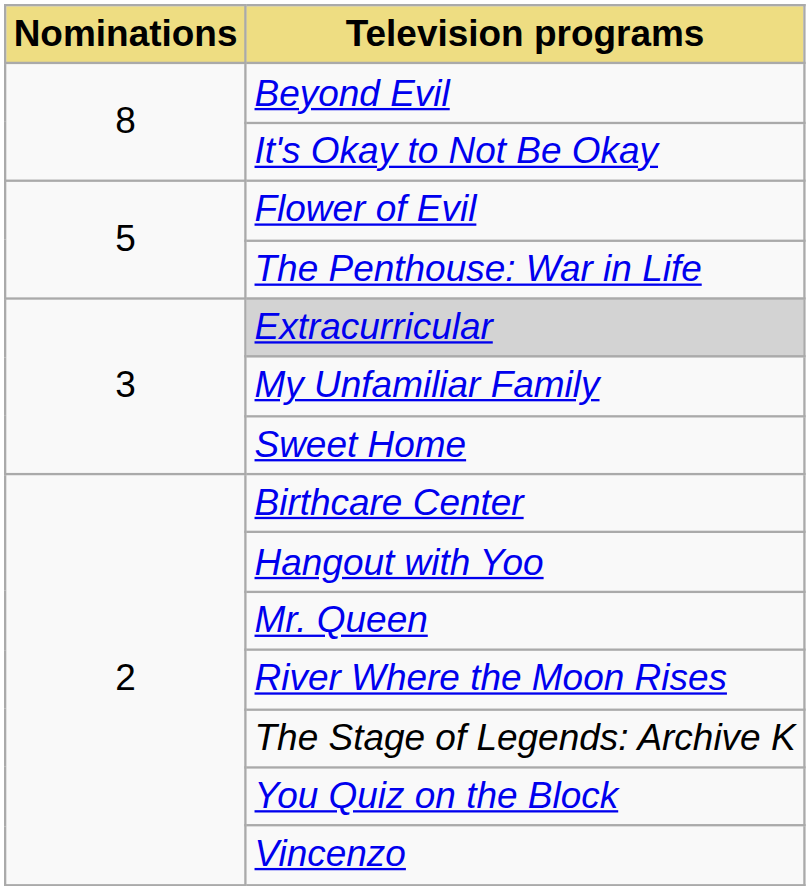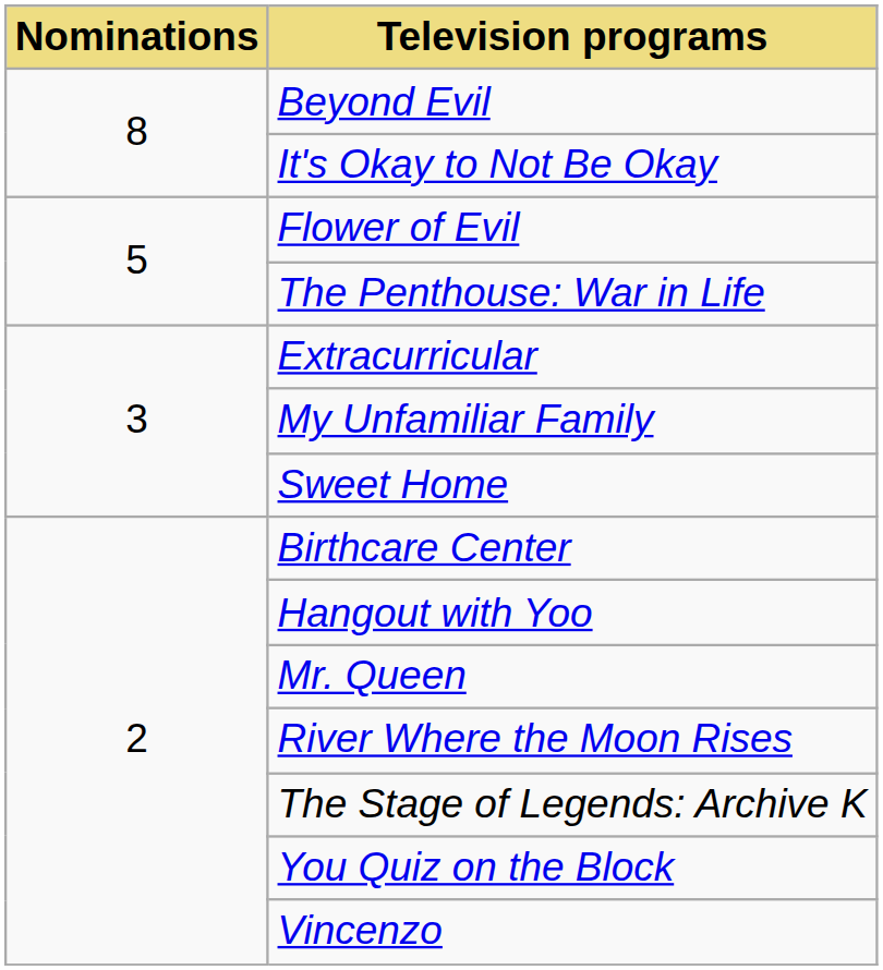 <table class="wikitable">
 <tr>
 <th style="background:#EEDD82; text-align:center">Nominations</th>
 <th style="background:#EEDD82; text-align:center">Television programs</th>
 </tr>
 <tr>
 <td rowspan="2" style="text-align:center">8</td>
 <td><em><a href='#'>Beyond Evil</a></em></td>
 </tr>
 <tr>
 <td><em><a href='#'>It's Okay to Not Be Okay</a></em></td>
 </tr>
 <tr>
 <td rowspan="2" style="text-align:center">5</td>
 <td><em><a href='#'>Flower of Evil</a></em></td>
 </tr>
 <tr>
 <td><em><a href='#'>The Penthouse: War in Life</a></em></td>
 </tr>
 <tr>
 <td rowspan="3" style="text-align:center">3</td>
-<td style="background: lightgrey;"><em><a href='#'>Extracurricular</a></em></td>
+<td><em><a href='#'>Extracurricular</a></em></td>
 </tr>
 <tr>
 <td><em><a href='#'>My Unfamiliar Family</a></em></td>
 </tr>
 <tr>
 <td><em><a href='#'>Sweet Home</a></em></td>
 </tr>
 <tr>
 <td rowspan="7" style="text-align:center">2</td>
 <td><em><a href='#'>Birthcare Center</a></em></td>
 </tr>
 <tr>
 <td><em><a href='#'>Hangout with Yoo</a></em></td>
 </tr>
 <tr>
 <td><em><a href='#'>Mr. Queen</a></em></td>
 </tr>
 <tr>
 <td><em><a href='#'>River Where the Moon Rises</a></em></td>
 </tr>
 <tr>
 <td><em>The Stage of Legends: Archive K</em></td>
 </tr>
 <tr>
 <td><em><a href='#'>You Quiz on the Block</a></em></td>
 </tr>
 <tr>
 <td><em><a href='#'>Vincenzo</a></em></td>
 </tr>
 </table>
